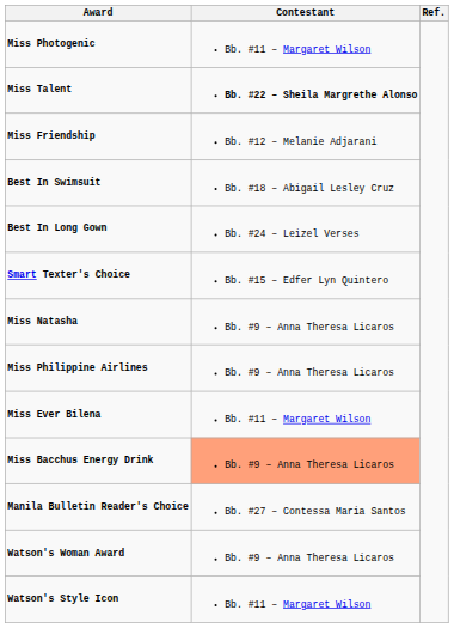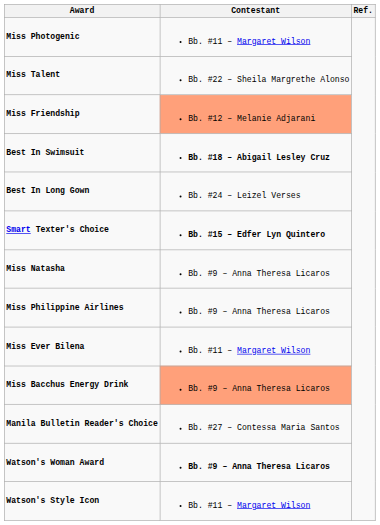 <table class="wikitable sortable" style="font-size: 95%;">
 <tr>
 <th>Award</th>
 <th>Contestant</th>
 <th>Ref.</th>
 </tr>
 <tr>
 <td><strong>Miss Photogenic</strong></td>
 <td><br><ul><li>Bb. #11 – <a href='#'>Margaret Wilson</a></li></ul></td>
 <td rowspan="13"></td>
 </tr>
 <tr>
 <td><strong>Miss Talent</strong></td>
-<td><strong><br><ul><li>Bb. #22 – Sheila Margrethe Alonso</li></ul></strong></td>
+<td><br><ul><li>Bb. #22 – Sheila Margrethe Alonso</li></ul></td>
 </tr>
 <tr>
 <td><strong>Miss Friendship</strong></td>
-<td><br><ul><li>Bb. #12 – Melanie Adjarani</li></ul></td>
+<td style="background: lightsalmon;"><br><ul><li>Bb. #12 – Melanie Adjarani</li></ul></td>
 </tr>
 <tr>
 <td><strong>Best In Swimsuit</strong></td>
-<td><br><ul><li>Bb. #18 – Abigail Lesley Cruz</li></ul></td>
+<td><strong><br><ul><li>Bb. #18 – Abigail Lesley Cruz</li></ul></strong></td>
 </tr>
 <tr>
 <td><strong>Best In Long Gown</strong></td>
 <td><br><ul><li>Bb. #24 – Leizel Verses</li></ul></td>
 </tr>
 <tr>
 <td><strong><a href='#'>Smart</a> Texter's Choice</strong></td>
-<td><br><ul><li>Bb. #15 – Edfer Lyn Quintero</li></ul></td>
+<td><strong><br><ul><li>Bb. #15 – Edfer Lyn Quintero</li></ul></strong></td>
 </tr>
 <tr>
 <td><strong>Miss Natasha</strong></td>
 <td><br><ul><li>Bb. #9 – Anna Theresa Licaros</li></ul></td>
 </tr>
 <tr>
 <td><strong>Miss Philippine Airlines</strong></td>
 <td><br><ul><li>Bb. #9 – Anna Theresa Licaros</li></ul></td>
 </tr>
 <tr>
 <td><strong>Miss Ever Bilena</strong></td>
 <td><br><ul><li>Bb. #11 – <a href='#'>Margaret Wilson</a></li></ul></td>
 </tr>
 <tr>
 <td><strong>Miss Bacchus Energy Drink</strong></td>
 <td style="background: lightsalmon;"><br><ul><li>Bb. #9 – Anna Theresa Licaros</li></ul></td>
 </tr>
 <tr>
 <td><strong>Manila Bulletin Reader's Choice</strong></td>
 <td><br><ul><li>Bb. #27 – Contessa Maria Santos</li></ul></td>
 </tr>
 <tr>
 <td><strong>Watson's Woman Award</strong></td>
-<td><br><ul><li>Bb. #9 – Anna Theresa Licaros</li></ul></td>
+<td><strong><br><ul><li>Bb. #9 – Anna Theresa Licaros</li></ul></strong></td>
 </tr>
 <tr>
 <td><strong>Watson's Style Icon</strong></td>
 <td><br><ul><li>Bb. #11 – <a href='#'>Margaret Wilson</a></li></ul></td>
 </tr>
 </table>
